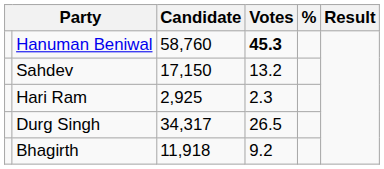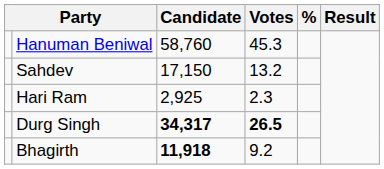 <table class="wikitable">
 <tr>
 <th colspan=2>Party</th>
 <th>Candidate</th>
 <th>Votes</th>
 <th>%</th>
 <th>Result</th>
 </tr>
 <tr>
 <td></td>
 <td><a href='#'>Hanuman Beniwal</a></td>
 <td>58,760</td>
-<td><strong>45.3</strong></td>
+<td>45.3</td>
 <td></td>
 </tr>
 <tr>
 <td></td>
 <td>Sahdev</td>
 <td>17,150</td>
 <td>13.2</td>
 <td></td>
 </tr>
 <tr>
 <td></td>
 <td>Hari Ram</td>
 <td>2,925</td>
 <td>2.3</td>
 <td></td>
 </tr>
 <tr>
 <td></td>
 <td>Durg Singh</td>
-<td>34,317</td>
-<td>26.5</td>
+<td><strong>34,317</strong></td>
+<td><strong>26.5</strong></td>
 <td></td>
 </tr>
 <tr>
 <td></td>
 <td>Bhagirth</td>
-<td>11,918</td>
+<td><strong>11,918</strong></td>
 <td>9.2</td>
 <td></td>
 </tr>
 </table>
